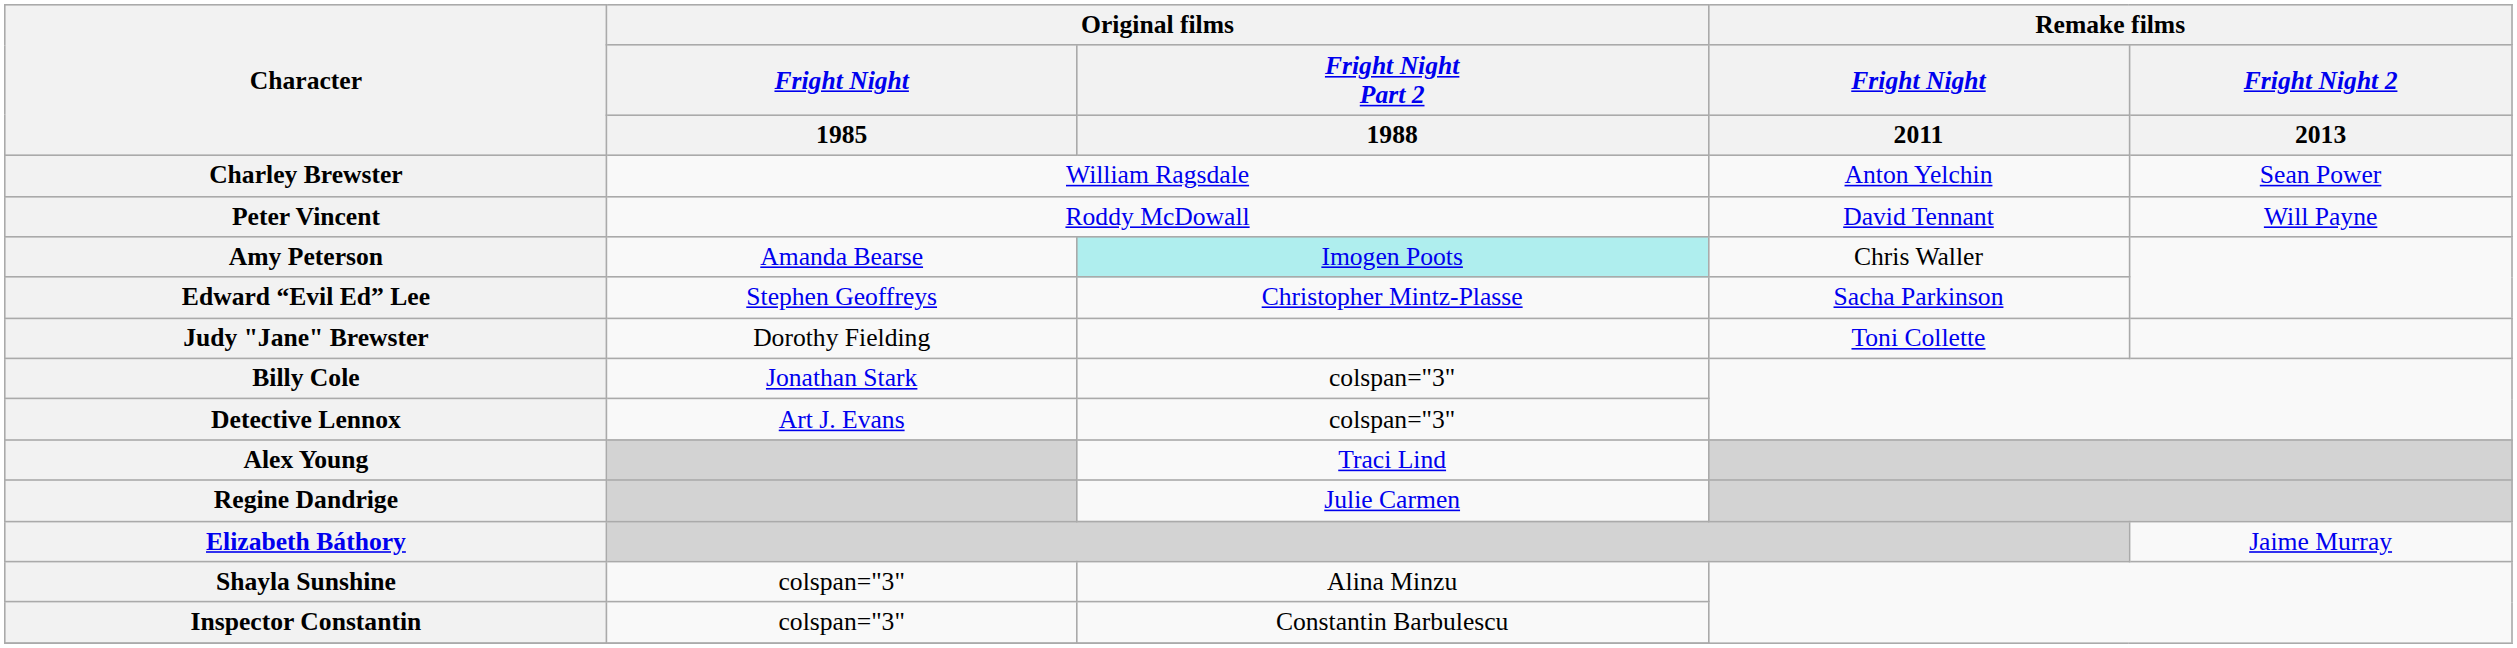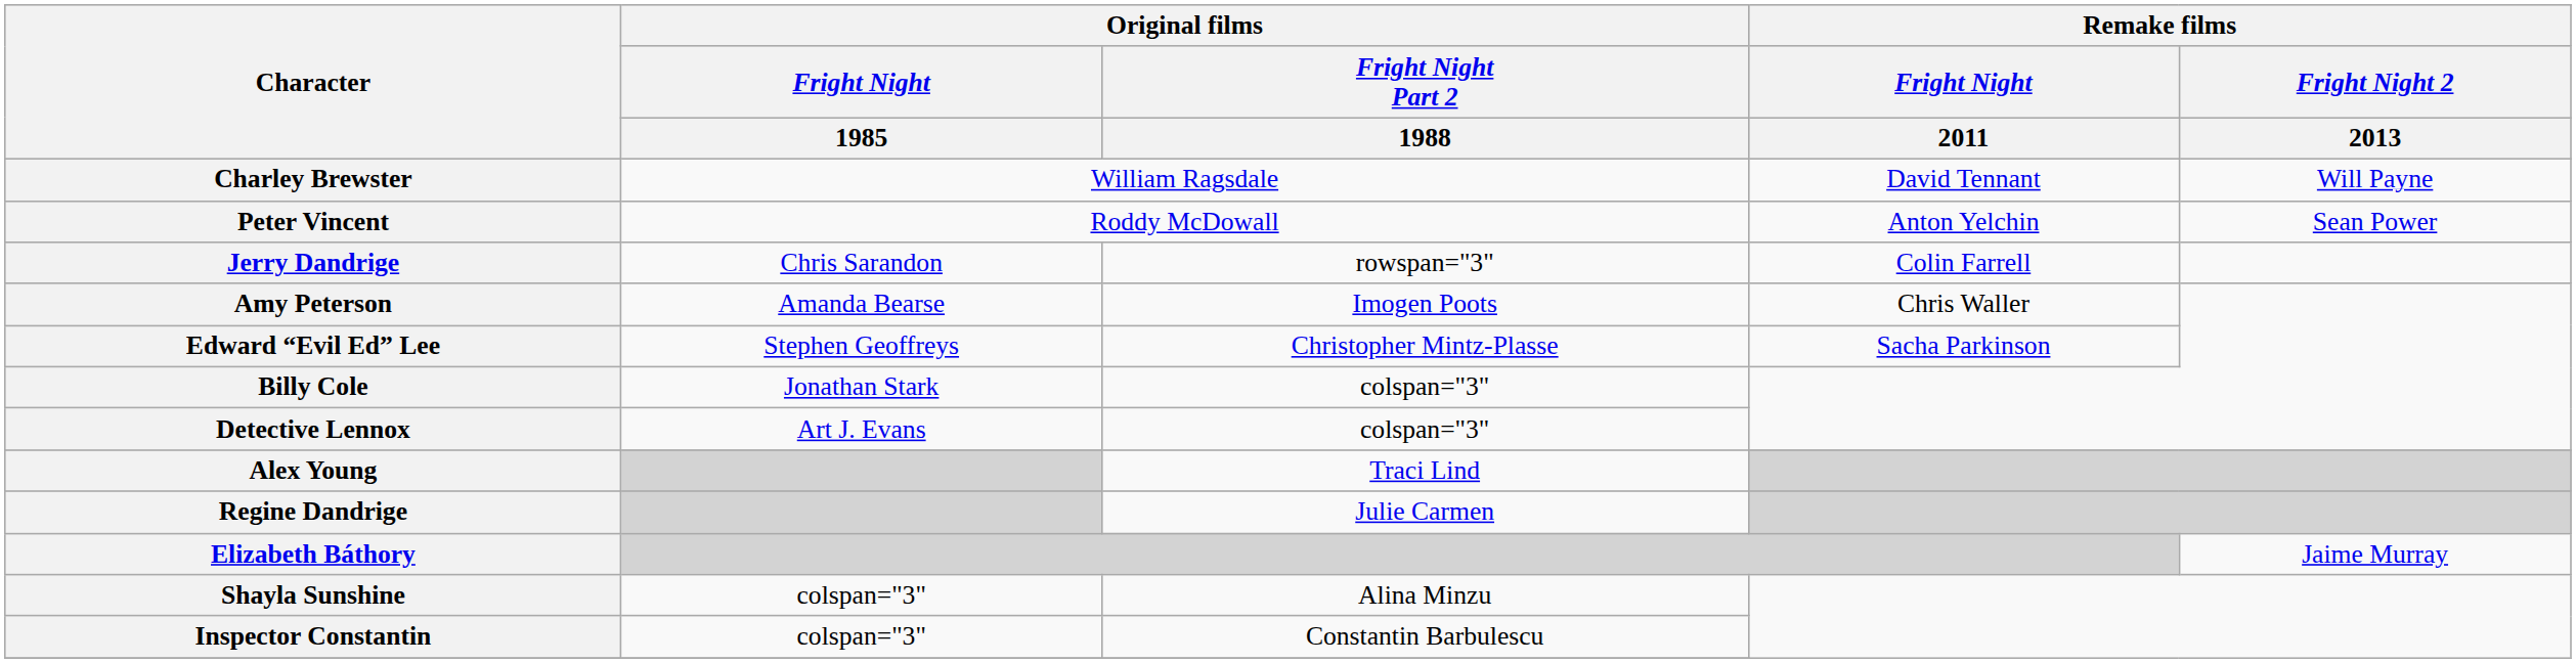 <table class="wikitable" style="text-align:center; width:99%;">
 <tr>
 <th rowspan="3">Character</th>
 <th colspan="2" style="text-align:center;">Original films</th>
 <th colspan="2">Remake films</th>
 </tr>
 <tr>
 <th style="text-align:center;"><em><a href='#'>Fright Night</a></em></th>
 <th style="text-align:center;"><em><a href='#'>Fright Night<br>Part 2</a></em></th>
 <th style="text-align:center;"><em><a href='#'>Fright Night</a></em></th>
 <th style="text-align:center;"><em><a href='#'>Fright Night 2<br></a></em></th>
 </tr>
 <tr>
 <th>1985</th>
 <th>1988</th>
 <th>2011</th>
 <th>2013</th>
 </tr>
 <tr>
 <th>Charley Brewster</th>
 <td colspan="2"><a href='#'>William Ragsdale</a></td>
+<td><a href='#'>David Tennant</a></td>
+<td><a href='#'>Will Payne</a></td>
+</tr>
+<tr>
+<th>Peter Vincent</th>
+<td colspan="2"><a href='#'>Roddy McDowall</a></td>
 <td><a href='#'>Anton Yelchin</a></td>
 <td><a href='#'>Sean Power</a></td>
 </tr>
 <tr>
-<th>Peter Vincent</th>
-<td colspan="2"><a href='#'>Roddy McDowall</a></td>
-<td><a href='#'>David Tennant</a></td>
-<td><a href='#'>Will Payne</a></td>
+<th><a href='#'>Jerry Dandrige<br></a></th>
+<td><a href='#'>Chris Sarandon</a></td>
+<td>rowspan="3" </td>
+<td><a href='#'>Colin Farrell</a></td>
+<td></td>
 </tr>
 <tr>
 <th>Amy Peterson</th>
 <td><a href='#'>Amanda Bearse</a></td>
-<td style="background: paleturquoise;"><a href='#'>Imogen Poots</a></td>
+<td><a href='#'>Imogen Poots</a></td>
 <td>Chris Waller</td>
 </tr>
 <tr>
 <th>Edward “Evil Ed” Lee</th>
 <td><a href='#'>Stephen Geoffreys</a></td>
 <td><a href='#'>Christopher Mintz-Plasse</a></td>
 <td><a href='#'>Sacha Parkinson</a></td>
-</tr>
-<tr>
-<th>Judy "Jane" Brewster</th>
-<td>Dorothy Fielding</td>
-<td></td>
-<td><a href='#'>Toni Collette</a></td>
-<td></td>
 </tr>
 <tr>
 <th>Billy Cole</th>
 <td><a href='#'>Jonathan Stark</a></td>
 <td>colspan="3" </td>
 </tr>
 <tr>
 <th>Detective Lennox</th>
 <td><a href='#'>Art J. Evans</a></td>
 <td>colspan="3" </td>
 </tr>
 <tr>
 <th>Alex Young</th>
 <td style="background:lightgrey;"> </td>
 <td><a href='#'>Traci Lind</a></td>
 <td colspan="2" style="background:lightgrey;"> </td>
 </tr>
 <tr>
 <th>Regine Dandrige</th>
 <td style="background:lightgrey;"> </td>
 <td><a href='#'>Julie Carmen</a></td>
 <td colspan="2" style="background:lightgrey;"> </td>
 </tr>
 <tr>
 <th><a href='#'>Elizabeth Báthory <br></a></th>
 <td colspan="3" style="background:lightgrey;"> </td>
 <td><a href='#'>Jaime Murray</a></td>
 </tr>
 <tr>
 <th>Shayla Sunshine</th>
 <td>colspan="3" </td>
 <td>Alina Minzu</td>
 </tr>
 <tr>
 <th>Inspector Constantin</th>
 <td>colspan="3" </td>
 <td>Constantin Barbulescu</td>
 </tr>
 <tr>
 </tr>
 </table>
